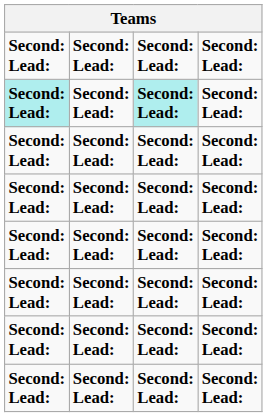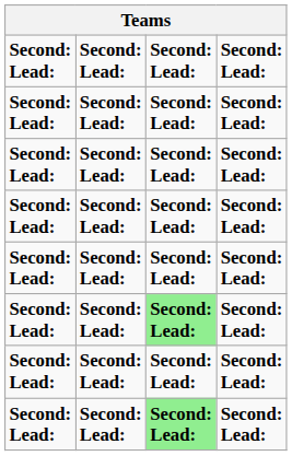 <table class="wikitable" style="font-size:95%;">
 <tr>
 <th colspan=4>Teams</th>
-</tr>
-<tr>
-<td><strong>Second:</strong> <br><strong>Lead:</strong> </td>
-<td><strong>Second:</strong> <br><strong>Lead:</strong> </td>
-<td><strong>Second:</strong> <br><strong>Lead:</strong> </td>
-<td><strong>Second:</strong> <br><strong>Lead:</strong> </td>
-</tr>
-<tr>
-<td style="background: paleturquoise;"><strong>Second:</strong> <br><strong>Lead:</strong> </td>
-<td><strong>Second:</strong> <br><strong>Lead:</strong> </td>
-<td style="background: paleturquoise;"><strong>Second:</strong> <br><strong>Lead:</strong> </td>
-<td><strong>Second:</strong> <br><strong>Lead:</strong> </td>
 </tr>
 <tr>
 <td><strong>Second:</strong> <br><strong>Lead:</strong> </td>
 <td><strong>Second:</strong> <br><strong>Lead:</strong> </td>
 <td><strong>Second:</strong> <br><strong>Lead:</strong> </td>
 <td><strong>Second:</strong> <br><strong>Lead:</strong> </td>
 </tr>
 <tr>
 <td><strong>Second:</strong> <br><strong>Lead:</strong> </td>
 <td><strong>Second:</strong> <br><strong>Lead:</strong> </td>
 <td><strong>Second:</strong> <br><strong>Lead:</strong> </td>
 <td><strong>Second:</strong> <br><strong>Lead:</strong> </td>
 </tr>
 <tr>
 <td><strong>Second:</strong> <br><strong>Lead:</strong> </td>
 <td><strong>Second:</strong> <br><strong>Lead:</strong> </td>
 <td><strong>Second:</strong> <br><strong>Lead:</strong> </td>
 <td><strong>Second:</strong> <br><strong>Lead:</strong> </td>
 </tr>
 <tr>
 <td><strong>Second:</strong> <br><strong>Lead:</strong> </td>
 <td><strong>Second:</strong> <br><strong>Lead:</strong> </td>
 <td><strong>Second:</strong> <br><strong>Lead:</strong> </td>
 <td><strong>Second:</strong> <br><strong>Lead:</strong> </td>
 </tr>
 <tr>
 <td><strong>Second:</strong> <br><strong>Lead:</strong> </td>
 <td><strong>Second:</strong> <br><strong>Lead:</strong> </td>
 <td><strong>Second:</strong> <br><strong>Lead:</strong> </td>
 <td><strong>Second:</strong> <br><strong>Lead:</strong> </td>
 </tr>
 <tr>
 <td><strong>Second:</strong> <br><strong>Lead:</strong> </td>
 <td><strong>Second:</strong> <br><strong>Lead:</strong> </td>
+<td style="background: lightgreen;"><strong>Second:</strong> <br><strong>Lead:</strong> </td>
+<td><strong>Second:</strong> <br><strong>Lead:</strong> </td>
+</tr>
+<tr>
+<td><strong>Second:</strong> <br><strong>Lead:</strong> </td>
+<td><strong>Second:</strong> <br><strong>Lead:</strong> </td>
 <td><strong>Second:</strong> <br><strong>Lead:</strong> </td>
 <td><strong>Second:</strong> <br><strong>Lead:</strong> </td>
 </tr>
+<tr>
+<td><strong>Second:</strong> <br><strong>Lead:</strong> </td>
+<td><strong>Second:</strong> <br><strong>Lead:</strong> </td>
+<td style="background: lightgreen;"><strong>Second:</strong> <br><strong>Lead:</strong> </td>
+<td><strong>Second:</strong> <br><strong>Lead:</strong> </td>
+</tr>
 </table>
